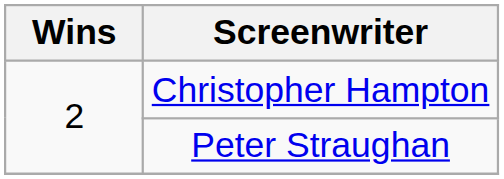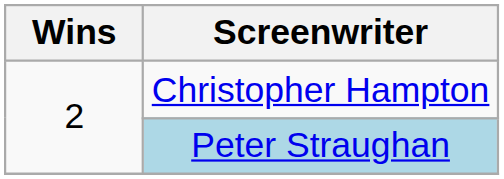 <table class="wikitable" style="text-align: center;">
 <tr>
 <th scope="col" width="55">Wins</th>
 <th scope="col" align="center">Screenwriter</th>
 </tr>
 <tr>
 <td rowspan=2 style="text-align:center;">2</td>
 <td><a href='#'>Christopher Hampton</a></td>
 </tr>
 <tr>
-<td><a href='#'>Peter Straughan</a></td>
+<td style="background: lightblue;"><a href='#'>Peter Straughan</a></td>
 </tr>
 <tr>
 </tr>
 </table>
